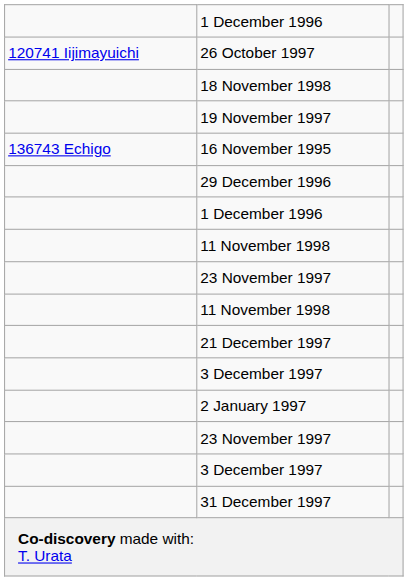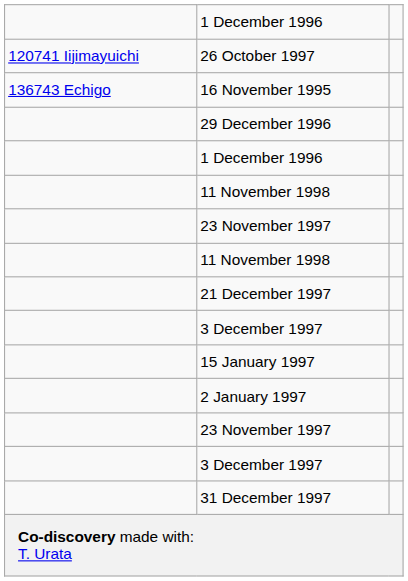 <table class="wikitable" style="font-size: 89%; float: left; width: 26em; margin-right: 1em; height: 530px;">
 <tr>
 <td></td>
 <td>1 December 1996</td>
 <td></td>
 </tr>
 <tr>
 <td><a href='#'>120741 Iijimayuichi</a></td>
 <td>26 October 1997</td>
-<td></td>
-</tr>
-<tr>
-<td></td>
-<td>18 November 1998</td>
-<td></td>
-</tr>
-<tr>
-<td></td>
-<td>19 November 1997</td>
 <td></td>
 </tr>
 <tr>
 <td><a href='#'>136743 Echigo</a></td>
 <td>16 November 1995</td>
 <td> </td>
 </tr>
 <tr>
 <td></td>
 <td>29 December 1996</td>
 <td></td>
 </tr>
 <tr>
 <td></td>
 <td>1 December 1996</td>
 <td></td>
 </tr>
 <tr>
 <td></td>
 <td>11 November 1998</td>
 <td></td>
 </tr>
 <tr>
 <td></td>
 <td>23 November 1997</td>
 <td></td>
 </tr>
 <tr>
 <td></td>
 <td>11 November 1998</td>
 <td></td>
 </tr>
 <tr>
 <td></td>
 <td>21 December 1997</td>
 <td></td>
 </tr>
 <tr>
 <td></td>
 <td>3 December 1997</td>
 <td></td>
 </tr>
 <tr>
 <td></td>
+<td>15 January 1997</td>
+<td></td>
+</tr>
+<tr>
+<td></td>
 <td>2 January 1997</td>
 <td></td>
 </tr>
 <tr>
 <td></td>
 <td>23 November 1997</td>
 <td></td>
 </tr>
 <tr>
 <td></td>
 <td>3 December 1997</td>
 <td></td>
 </tr>
 <tr>
 <td></td>
 <td>31 December 1997</td>
 <td></td>
 </tr>
 <tr>
 <th colspan=3 style="font-weight: normal; text-align: left; padding: 4px 12px;"><strong>Co-discovery</strong> made with:<br> <a href='#'>T. Urata</a></th>
 </tr>
 </table>
